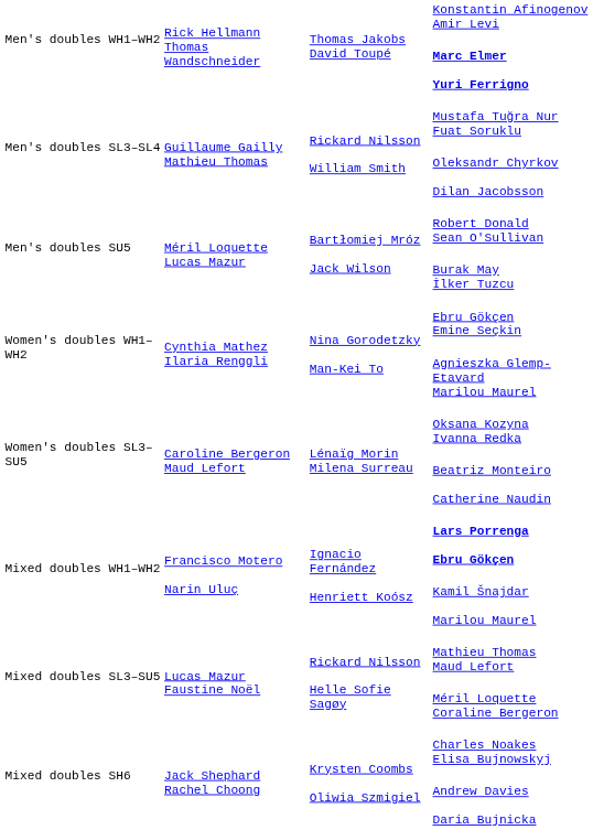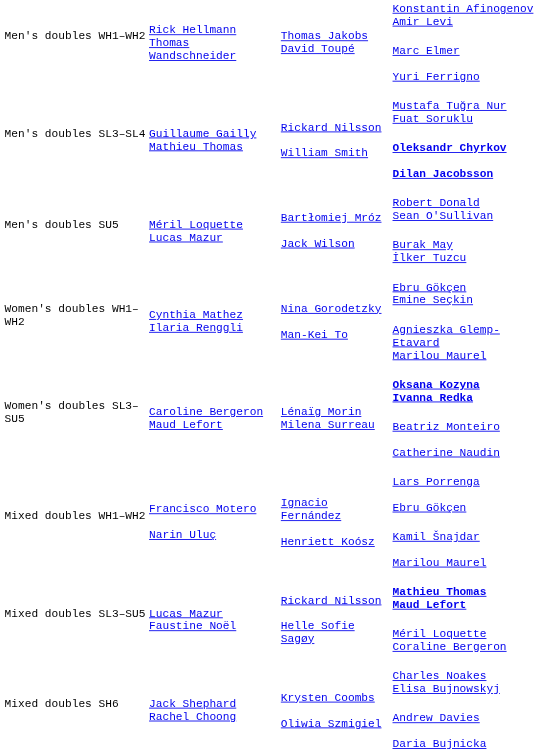 <table>
 <tr>
 <td rowspan="2">Men's doubles WH1–WH2<br></td>
 <td rowspan="2"><br><a href='#'>Rick Hellmann</a><br><a href='#'>Thomas Wandschneider</a></td>
 <td rowspan="2"><br><a href='#'>Thomas Jakobs</a><br><a href='#'>David Toupé</a></td>
 <td><br><a href='#'>Konstantin Afinogenov</a><br><a href='#'>Amir Levi</a></td>
 </tr>
 <tr>
-<td><strong><br><a href='#'>Marc Elmer</a><br><br><a href='#'>Yuri Ferrigno</a></strong></td>
+<td><br><a href='#'>Marc Elmer</a><br><br><a href='#'>Yuri Ferrigno</a></td>
 </tr>
 <tr>
 <td rowspan="2">Men's doubles SL3–SL4<br></td>
 <td rowspan="2"><br><a href='#'>Guillaume Gailly</a><br><a href='#'>Mathieu Thomas</a></td>
 <td rowspan="2"><br><a href='#'>Rickard Nilsson</a><br><br><a href='#'>William Smith</a></td>
 <td><br><a href='#'>Mustafa Tuğra Nur</a><br><a href='#'>Fuat Soruklu</a></td>
 </tr>
 <tr>
-<td><br><a href='#'>Oleksandr Chyrkov</a><br><br><a href='#'>Dilan Jacobsson</a></td>
+<td><strong><br><a href='#'>Oleksandr Chyrkov</a><br><br><a href='#'>Dilan Jacobsson</a></strong></td>
 </tr>
 <tr>
 <td rowspan="2">Men's doubles SU5<br></td>
 <td rowspan="2"><br><a href='#'>Méril Loquette</a><br><a href='#'>Lucas Mazur</a></td>
 <td rowspan="2"><br><a href='#'>Bartłomiej Mróz</a><br><br><a href='#'>Jack Wilson</a></td>
 <td><br><a href='#'>Robert Donald</a><br><a href='#'>Sean O'Sullivan</a></td>
 </tr>
 <tr>
 <td><br><a href='#'>Burak May</a><br><a href='#'>İlker Tuzcu</a></td>
 </tr>
 <tr>
 <td rowspan="2">Women's doubles WH1–WH2<br></td>
 <td rowspan="2"><br><a href='#'>Cynthia Mathez</a><br><a href='#'>Ilaria Renggli</a></td>
 <td rowspan="2"><br><a href='#'>Nina Gorodetzky</a><br><br><a href='#'>Man-Kei To</a></td>
 <td><br><a href='#'>Ebru Gökçen</a><br><a href='#'>Emine Seçkin</a></td>
 </tr>
 <tr>
 <td><br><a href='#'>Agnieszka Glemp-Etavard</a><br><a href='#'>Marilou Maurel</a></td>
 </tr>
 <tr>
 <td rowspan="2">Women's doubles SL3–SU5<br></td>
 <td rowspan="2"><br><a href='#'>Caroline Bergeron</a><br><a href='#'>Maud Lefort</a></td>
 <td rowspan="2"><br><a href='#'>Lénaïg Morin</a><br><a href='#'>Milena Surreau</a></td>
-<td><br><a href='#'>Oksana Kozyna</a><br><a href='#'>Ivanna Redka</a></td>
+<td><strong><br><a href='#'>Oksana Kozyna</a><br><a href='#'>Ivanna Redka</a></strong></td>
 </tr>
 <tr>
 <td><br><a href='#'>Beatriz Monteiro</a><br><br><a href='#'>Catherine Naudin</a></td>
 </tr>
 <tr>
 <td rowspan="2">Mixed doubles WH1–WH2<br></td>
 <td rowspan="2"><br><a href='#'>Francisco Motero</a><br><br><a href='#'>Narin Uluç</a></td>
 <td rowspan="2"><br><a href='#'>Ignacio Fernández</a><br><br><a href='#'>Henriett Koósz</a></td>
-<td><strong><br><a href='#'>Lars Porrenga</a><br><br><a href='#'>Ebru Gökçen</a></strong></td>
+<td><br><a href='#'>Lars Porrenga</a><br><br><a href='#'>Ebru Gökçen</a></td>
 </tr>
 <tr>
 <td><br><a href='#'>Kamil Šnajdar</a><br><br><a href='#'>Marilou Maurel</a></td>
 </tr>
 <tr>
 <td rowspan="2">Mixed doubles SL3–SU5<br></td>
 <td rowspan="2"><br><a href='#'>Lucas Mazur</a><br><a href='#'>Faustine Noël</a></td>
 <td rowspan="2"><br><a href='#'>Rickard Nilsson</a><br><br><a href='#'>Helle Sofie Sagøy</a></td>
-<td><br><a href='#'>Mathieu Thomas</a><br><a href='#'>Maud Lefort</a></td>
+<td><strong><br><a href='#'>Mathieu Thomas</a><br><a href='#'>Maud Lefort</a></strong></td>
 </tr>
 <tr>
 <td><br><a href='#'>Méril Loquette</a><br><a href='#'>Coraline Bergeron</a></td>
 </tr>
 <tr>
 <td rowspan="2">Mixed doubles SH6<br></td>
 <td rowspan="2"><br><a href='#'>Jack Shephard</a><br><a href='#'>Rachel Choong</a></td>
 <td rowspan="2"><br><a href='#'>Krysten Coombs</a><br><br><a href='#'>Oliwia Szmigiel</a></td>
 <td><br><a href='#'>Charles Noakes</a><br><a href='#'>Elisa Bujnowskyj</a></td>
 </tr>
 <tr>
 <td><br><a href='#'>Andrew Davies</a><br><br><a href='#'>Daria Bujnicka</a></td>
 </tr>
 </table>
